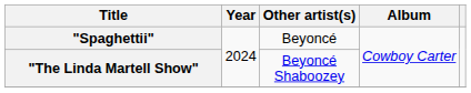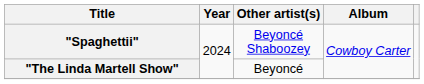 <table class="wikitable plainrowheaders" style="text-align:center;" border="1">
 <tr>
 <th scope="col" style="width:15em;">Title</th>
 <th scope="col">Year</th>
 <th scope="col">Other artist(s)</th>
 <th scope="col">Album</th>
 <th scope="col"></th>
 </tr>
 <tr>
 <th scope="row">"Spaghettii"</th>
 <td rowspan="2">2024</td>
-<td>Beyoncé</td>
+<td><a href='#'>Beyoncé</a><br><a href='#'>Shaboozey</a></td>
 <td rowspan="2"><em><a href='#'>Cowboy Carter</a></em></td>
 <td align="center" rowspan="2"></td>
 </tr>
 <tr>
 <th scope="row">"The Linda Martell Show"</th>
-<td><a href='#'>Beyoncé</a><br><a href='#'>Shaboozey</a></td>
+<td>Beyoncé</td>
 </tr>
 <tr>
 </tr>
 </table>
